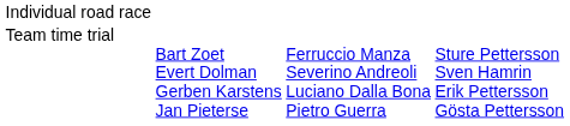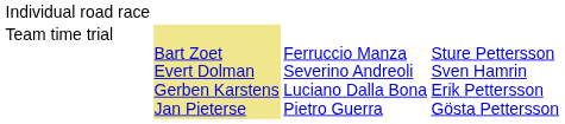 <table>
 <tr>
 <td>Individual road race<br></td>
 <td></td>
 <td></td>
 <td></td>
 </tr>
 <tr valign="top">
 <td>Team time trial<br></td>
-<td><br><a href='#'>Bart Zoet</a><br><a href='#'>Evert Dolman</a><br><a href='#'>Gerben Karstens</a><br><a href='#'>Jan Pieterse</a></td>
+<td style="background: khaki;"><br><a href='#'>Bart Zoet</a><br><a href='#'>Evert Dolman</a><br><a href='#'>Gerben Karstens</a><br><a href='#'>Jan Pieterse</a></td>
 <td><br><a href='#'>Ferruccio Manza</a><br><a href='#'>Severino Andreoli</a><br><a href='#'>Luciano Dalla Bona</a><br><a href='#'>Pietro Guerra</a></td>
 <td><br><a href='#'>Sture Pettersson</a><br><a href='#'>Sven Hamrin</a><br><a href='#'>Erik Pettersson</a><br><a href='#'>Gösta Pettersson</a></td>
 </tr>
 </table>
